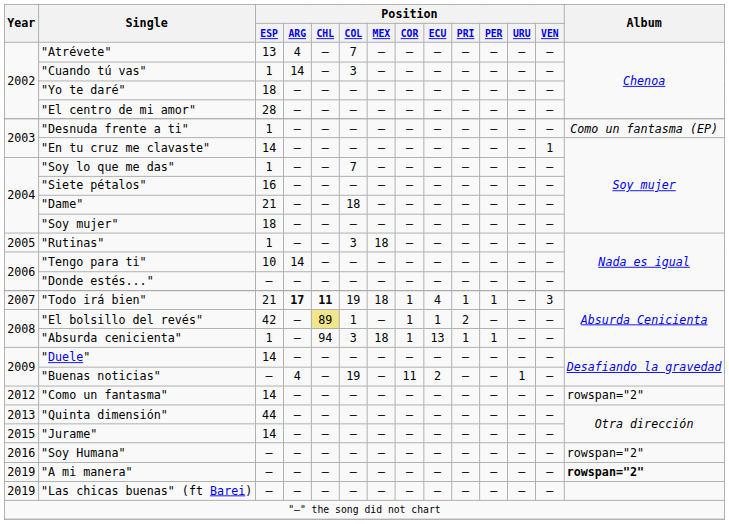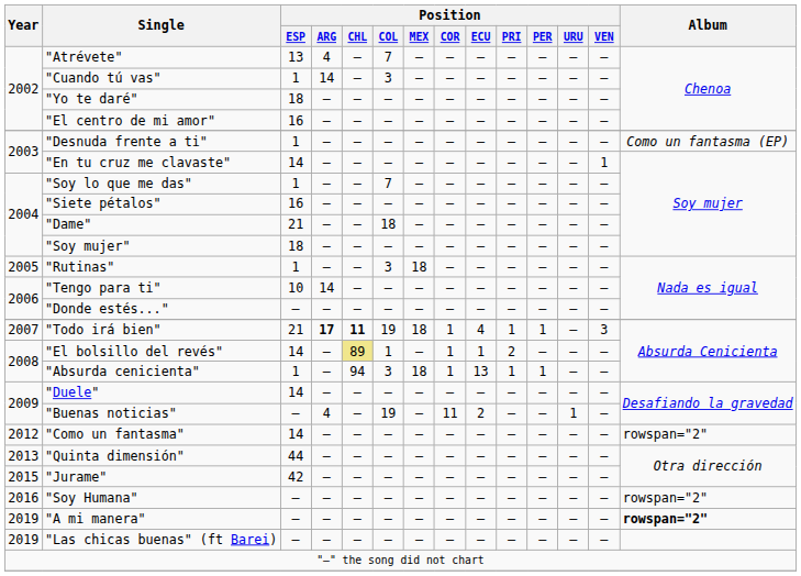 <table class="wikitable">
 <tr>
 <th rowspan="2">Year</th>
 <th rowspan="2">Single</th>
 <th colspan="11">Position</th>
 <th rowspan="2">Album</th>
 </tr>
 <tr>
 <th align="center" valign="center" width="25"><small><a href='#'>ESP</a></small></th>
 <th align="center" valign="center" width="25"><small><a href='#'>ARG</a></small></th>
 <th align="center" valign="center" width="25"><small><a href='#'>CHL</a></small></th>
 <th align="center" valign="center" width="25"><small><a href='#'>COL</a></small></th>
 <th align="center" valign="center" width="25"><small><a href='#'>MEX</a></small></th>
 <th align="center" valign="center" width="25"><small><a href='#'>COR</a></small></th>
 <th align="center" valign="center" width="25"><small><a href='#'>ECU</a></small></th>
 <th align="center" valign="center" width="25"><small><a href='#'>PRI</a></small></th>
 <th align="center" valign="center" width="25"><small><a href='#'>PER</a></small></th>
 <th align="center" valign="center" width="25"><small><a href='#'>URU</a></small></th>
 <th align="center" valign="center" width="25"><small><a href='#'>VEN</a></small></th>
 </tr>
 <tr>
 <td rowspan="4">2002</td>
 <td>"Atrévete"</td>
 <td align="center">13</td>
 <td align="center">4</td>
 <td align="center">—</td>
 <td align="center">7</td>
 <td align="center">—</td>
 <td align="center">—</td>
 <td align="center">—</td>
 <td align="center">—</td>
 <td align="center">—</td>
 <td align="center">—</td>
 <td align="center">—</td>
 <td align="center" valign="center" rowspan="4"><em><a href='#'>Chenoa</a></em></td>
 </tr>
 <tr>
 <td>"Cuando tú vas"</td>
 <td align="center">1</td>
 <td align="center">14</td>
 <td align="center">—</td>
 <td align="center">3</td>
 <td align="center">—</td>
 <td align="center">—</td>
 <td align="center">—</td>
 <td align="center">—</td>
 <td align="center">—</td>
 <td align="center">—</td>
 <td align="center">—</td>
 </tr>
 <tr>
 <td>"Yo te daré"</td>
 <td align="center">18</td>
 <td align="center">—</td>
 <td align="center">—</td>
 <td align="center">—</td>
 <td align="center">—</td>
 <td align="center">—</td>
 <td align="center">—</td>
 <td align="center">—</td>
 <td align="center">—</td>
 <td align="center">—</td>
 <td align="center">—</td>
 </tr>
 <tr>
 <td>"El centro de mi amor"</td>
-<td align="center">28</td>
+<td align="center">16</td>
 <td align="center">—</td>
 <td align="center">—</td>
 <td align="center">—</td>
 <td align="center">—</td>
 <td align="center">—</td>
 <td align="center">—</td>
 <td align="center">—</td>
 <td align="center">—</td>
 <td align="center">—</td>
 <td align="center">—</td>
 </tr>
 <tr>
 </tr>
 <tr>
 <td rowspan="2">2003</td>
 <td>"Desnuda frente a ti"</td>
 <td align="center">1</td>
 <td align="center">—</td>
 <td align="center">—</td>
 <td align="center">—</td>
 <td align="center">—</td>
 <td align="center">—</td>
 <td align="center">—</td>
 <td align="center">—</td>
 <td align="center">—</td>
 <td align="center">—</td>
 <td align="center">—</td>
 <td align="center" valign="center" rowspan="1"><em>Como un fantasma (EP)</em></td>
 </tr>
 <tr>
 <td>"En tu cruz me clavaste"</td>
 <td align="center">14</td>
 <td align="center">—</td>
 <td align="center">—</td>
 <td align="center">—</td>
 <td align="center">—</td>
 <td align="center">—</td>
 <td align="center">—</td>
 <td align="center">—</td>
 <td align="center">—</td>
 <td align="center">—</td>
 <td align="center">1</td>
 <td align="center" valign="center" rowspan="5"><em><a href='#'>Soy mujer</a></em></td>
 </tr>
 <tr>
 <td rowspan="4">2004</td>
 <td>"Soy lo que me das"</td>
 <td align="center">1</td>
 <td align="center">—</td>
 <td align="center">—</td>
 <td align="center">7</td>
 <td align="center">—</td>
 <td align="center">—</td>
 <td align="center">—</td>
 <td align="center">—</td>
 <td align="center">—</td>
 <td align="center">—</td>
 <td align="center">—</td>
 </tr>
 <tr>
 <td>"Siete pétalos"</td>
 <td align="center">16</td>
 <td align="center">—</td>
 <td align="center">—</td>
 <td align="center">—</td>
 <td align="center">—</td>
 <td align="center">—</td>
 <td align="center">—</td>
 <td align="center">—</td>
 <td align="center">—</td>
 <td align="center">—</td>
 <td align="center">—</td>
 </tr>
 <tr>
 <td>"Dame"</td>
 <td align="center">21</td>
 <td align="center">—</td>
 <td align="center">—</td>
 <td align="center">18</td>
 <td align="center">—</td>
 <td align="center">—</td>
 <td align="center">—</td>
 <td align="center">—</td>
 <td align="center">—</td>
 <td align="center">—</td>
 <td align="center">—</td>
 </tr>
 <tr>
 <td>"Soy mujer"</td>
 <td align="center">18</td>
 <td align="center">—</td>
 <td align="center">—</td>
 <td align="center">—</td>
 <td align="center">—</td>
 <td align="center">—</td>
 <td align="center">—</td>
 <td align="center">—</td>
 <td align="center">—</td>
 <td align="center">—</td>
 <td align="center">—</td>
 </tr>
 <tr>
 <td rowspan="1">2005</td>
 <td>"Rutinas"</td>
 <td align="center">1</td>
 <td align="center">—</td>
 <td align="center">—</td>
 <td align="center">3</td>
 <td align="center">18</td>
 <td align="center">—</td>
 <td align="center">—</td>
 <td align="center">—</td>
 <td align="center">—</td>
 <td align="center">—</td>
 <td align="center">—</td>
 <td align="center" valign="center" rowspan="3"><em><a href='#'>Nada es igual</a></em></td>
 </tr>
 <tr>
 <td rowspan="2">2006</td>
 <td>"Tengo para ti"</td>
 <td align="center">10</td>
 <td align="center">14</td>
 <td align="center">—</td>
 <td align="center">—</td>
 <td align="center">—</td>
 <td align="center">—</td>
 <td align="center">—</td>
 <td align="center">—</td>
 <td align="center">—</td>
 <td align="center">—</td>
 <td align="center">—</td>
 </tr>
 <tr>
 <td>"Donde estés..."</td>
 <td align="center">—</td>
 <td align="center">—</td>
 <td align="center">—</td>
 <td align="center">—</td>
 <td align="center">—</td>
 <td align="center">—</td>
 <td align="center">—</td>
 <td align="center">—</td>
 <td align="center">—</td>
 <td align="center">—</td>
 <td align="center">—</td>
 </tr>
 <tr>
 </tr>
 <tr>
 <td rowspan="1">2007</td>
 <td>"Todo irá bien"</td>
 <td align="center">21</td>
 <td align="center"><strong>17</strong></td>
 <td align="center"><strong>11</strong></td>
 <td align="center">19</td>
 <td align="center">18</td>
 <td align="center">1</td>
 <td align="center">4</td>
 <td align="center">1</td>
 <td align="center">1</td>
 <td align="center">—</td>
 <td align="center">3</td>
 <td align="center" valign="center" rowspan="3"><em><a href='#'>Absurda Cenicienta</a></em></td>
 </tr>
 <tr>
 <td rowspan="2">2008</td>
 <td>"El bolsillo del revés"</td>
-<td align="center">42</td>
+<td align="center">14</td>
 <td align="center">—</td>
 <td align="center" style="background: khaki;">89</td>
 <td align="center">1</td>
 <td align="center">—</td>
 <td align="center">1</td>
 <td align="center">1</td>
 <td align="center">2</td>
 <td align="center">—</td>
 <td align="center">—</td>
 <td align="center">—</td>
 </tr>
 <tr>
 <td>"Absurda cenicienta"</td>
 <td align="center">1</td>
 <td align="center">—</td>
 <td align="center">94</td>
 <td align="center">3</td>
 <td align="center">18</td>
 <td align="center">1</td>
 <td align="center">13</td>
 <td align="center">1</td>
 <td align="center">1</td>
 <td align="center">—</td>
 <td align="center">—</td>
 </tr>
 <tr>
 <td rowspan="2">2009</td>
 <td>"<a href='#'>Duele</a>"</td>
 <td align="center">14</td>
 <td align="center">—</td>
 <td align="center">—</td>
 <td align="center">—</td>
 <td align="center">—</td>
 <td align="center">—</td>
 <td align="center">—</td>
 <td align="center">—</td>
 <td align="center">—</td>
 <td align="center">—</td>
 <td align="center">—</td>
 <td align="center" valign="center" rowspan="2"><em><a href='#'>Desafiando la gravedad</a></em></td>
 </tr>
 <tr>
 <td>"Buenas noticias"</td>
 <td align="center">—</td>
 <td align="center">4</td>
 <td align="center">—</td>
 <td align="center">19</td>
 <td align="center">—</td>
 <td align="center">11</td>
 <td align="center">2</td>
 <td align="center">—</td>
 <td align="center">—</td>
 <td align="center">1</td>
 <td align="center">—</td>
 </tr>
 <tr>
 <td rowspan="1">2012</td>
 <td>"Como un fantasma"</td>
 <td align="center">14</td>
 <td align="center">—</td>
 <td align="center">—</td>
 <td align="center">—</td>
 <td align="center">—</td>
 <td align="center">—</td>
 <td align="center">—</td>
 <td align="center">—</td>
 <td align="center">—</td>
 <td align="center">—</td>
 <td align="center">—</td>
 <td>rowspan="2" </td>
 </tr>
 <tr>
 <td rowspan="1">2013</td>
 <td>"Quinta dimensión"</td>
 <td align="center">44</td>
 <td align="center">—</td>
 <td align="center">—</td>
 <td align="center">—</td>
 <td align="center">—</td>
 <td align="center">—</td>
 <td align="center">—</td>
 <td align="center">—</td>
 <td align="center">—</td>
 <td align="center">—</td>
 <td align="center">—</td>
 <td align="center" valign="center" rowspan="2"><em>Otra dirección</em></td>
 </tr>
 <tr>
 <td rowspan="1">2015</td>
 <td>"Jurame"</td>
-<td align="center">14</td>
+<td align="center">42</td>
 <td align="center">—</td>
 <td align="center">—</td>
 <td align="center">—</td>
 <td align="center">—</td>
 <td align="center">—</td>
 <td align="center">—</td>
 <td align="center">—</td>
 <td align="center">—</td>
 <td align="center">—</td>
 <td align="center">—</td>
 </tr>
 <tr>
 <td rowspan="1">2016</td>
 <td>"Soy Humana"</td>
 <td align="center">—</td>
 <td align="center">—</td>
 <td align="center">—</td>
 <td align="center">—</td>
 <td align="center">—</td>
 <td align="center">—</td>
 <td align="center">—</td>
 <td align="center">—</td>
 <td align="center">—</td>
 <td align="center">—</td>
 <td align="center">—</td>
 <td>rowspan="2" </td>
 </tr>
 <tr>
 <td rowspan="1">2019</td>
 <td>"A mi manera"</td>
 <td align="center">—</td>
 <td align="center">—</td>
 <td align="center">—</td>
 <td align="center">—</td>
 <td align="center">—</td>
 <td align="center">—</td>
 <td align="center">—</td>
 <td align="center">—</td>
 <td align="center">—</td>
 <td align="center">—</td>
 <td align="center">—</td>
 <td><strong>rowspan="2" </strong></td>
 </tr>
 <tr>
 <td rowspan="1">2019</td>
 <td>"Las chicas buenas" (ft <a href='#'>Barei</a>)</td>
 <td align="center">—</td>
 <td align="center">—</td>
 <td align="center">—</td>
 <td align="center">—</td>
 <td align="center">—</td>
 <td align="center">—</td>
 <td align="center">—</td>
 <td align="center">—</td>
 <td align="center">—</td>
 <td align="center">—</td>
 <td align="center">—</td>
 </tr>
 <tr>
 <td align="center" colspan=14><small>"—" the song did not chart </small></td>
 </tr>
 <tr>
 </tr>
 </table>
